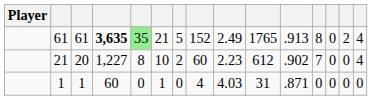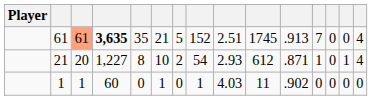 <table class="wikitable sortable" style="text-align:center;">
 <tr>
 <th>Player</th>
 <th></th>
 <th></th>
 <th></th>
 <th></th>
 <th></th>
 <th></th>
 <th></th>
 <th></th>
 <th></th>
 <th></th>
 <th></th>
 <th></th>
 <th></th>
 <th></th>
 </tr>
 <tr>
 <td></td>
 <td>61</td>
-<td>61</td>
+<td style="background: lightsalmon;">61</td>
 <td><strong>3,635</strong></td>
-<td style="background: lightgreen;">35</td>
+<td>35</td>
 <td>21</td>
 <td>5</td>
 <td>152</td>
-<td>2.49</td>
-<td>1765</td>
+<td>2.51</td>
+<td>1745</td>
 <td>.913</td>
-<td>8</td>
+<td>7</td>
 <td>0</td>
-<td>2</td>
+<td>0</td>
 <td>4</td>
 </tr>
 <tr>
 <td></td>
 <td>21</td>
 <td>20</td>
 <td>1,227</td>
 <td>8</td>
 <td>10</td>
 <td>2</td>
-<td>60</td>
-<td>2.23</td>
+<td>54</td>
+<td>2.93</td>
 <td>612</td>
-<td>.902</td>
-<td>7</td>
+<td>.871</td>
+<td>1</td>
 <td>0</td>
-<td>0</td>
+<td>1</td>
 <td>4</td>
 </tr>
 <tr>
 <td></td>
 <td>1</td>
 <td>1</td>
 <td>60</td>
 <td>0</td>
 <td>1</td>
 <td>0</td>
-<td>4</td>
+<td>1</td>
 <td>4.03</td>
-<td>31</td>
-<td>.871</td>
+<td>11</td>
+<td>.902</td>
 <td>0</td>
 <td>0</td>
 <td>0</td>
 <td>0</td>
 </tr>
 </table>
